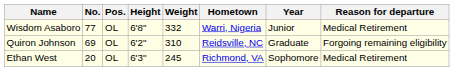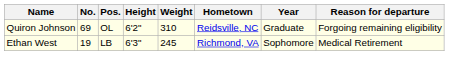 <table class="wikitable sortable">
 <tr>
 <th>Name</th>
 <th>No.</th>
 <th>Pos.</th>
 <th>Height</th>
 <th>Weight</th>
 <th>Hometown</th>
 <th>Year</th>
 <th class="unsortable">Reason for departure</th>
-</tr>
-<tr style="background:#FFFFE6;">
-<td>Wisdom Asaboro</td>
-<td>77</td>
-<td>OL</td>
-<td>6'8"</td>
-<td>332</td>
-<td><a href='#'>Warri, Nigeria</a></td>
-<td>Junior</td>
-<td>Medical Retirement</td>
 </tr>
 <tr style="background:#FFFFE6;">
 <td>Quiron Johnson</td>
 <td>69</td>
 <td>OL</td>
 <td>6'2"</td>
 <td>310</td>
 <td><a href='#'>Reidsville, NC</a></td>
 <td>Graduate</td>
 <td>Forgoing remaining eligibility</td>
 </tr>
 <tr style="background:#FFFFE6;">
 <td>Ethan West</td>
-<td>20</td>
-<td>OL</td>
+<td>19</td>
+<td>LB</td>
 <td>6'3"</td>
 <td>245</td>
 <td><a href='#'>Richmond, VA</a></td>
 <td>Sophomore</td>
 <td>Medical Retirement</td>
 </tr>
 </table>
